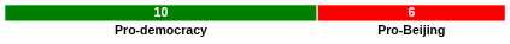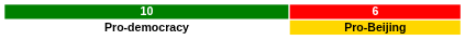 <table style="width:50%; text-align:center;">
 <tr style="color:white;">
 <td style="background:green; width:62.5%;"><strong>10</strong></td>
 <td style="background:red; width:37.5%;"><strong>6</strong></td>
 </tr>
 <tr>
 <td><span><strong>Pro-democracy</strong></span></td>
-<td><span><strong>Pro-Beijing</strong></span></td>
+<td style="background: gold;"><span><strong>Pro-Beijing</strong></span></td>
 </tr>
 </table>
